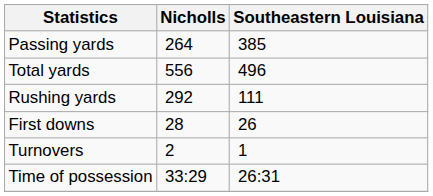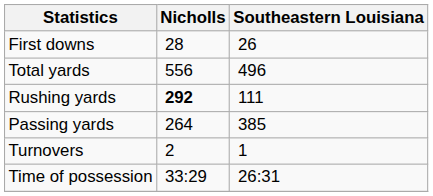 <table class="wikitable">
 <tr>
 <th>Statistics</th>
 <th>Nicholls</th>
 <th>Southeastern Louisiana</th>
 </tr>
 <tr>
-<td>Passing yards</td>
-<td> 264</td>
-<td> 385</td>
+<td>First downs</td>
+<td> 28</td>
+<td> 26</td>
 </tr>
 <tr>
 <td>Total yards</td>
 <td> 556</td>
 <td> 496</td>
 </tr>
 <tr>
 <td>Rushing yards</td>
-<td> 292</td>
+<td><strong> 292</strong></td>
 <td> 111</td>
 </tr>
 <tr>
-<td>First downs</td>
-<td> 28</td>
-<td> 26</td>
+<td>Passing yards</td>
+<td> 264</td>
+<td> 385</td>
 </tr>
 <tr>
 <td>Turnovers</td>
 <td> 2</td>
 <td> 1</td>
 </tr>
 <tr>
 <td>Time of possession</td>
 <td> 33:29</td>
 <td> 26:31</td>
 </tr>
 <tr>
 </tr>
 </table>
